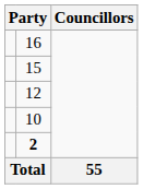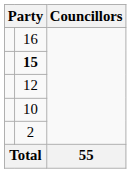 <table class="wikitable">
 <tr>
 <th colspan=2>Party</th>
 <th>Councillors</th>
 </tr>
 <tr>
 <td></td>
 <td align=center>16</td>
 </tr>
 <tr>
 <td></td>
-<td align=center>15</td>
+<td align=center><strong>15</strong></td>
 </tr>
 <tr>
 <td></td>
 <td align=center>12</td>
 </tr>
 <tr>
 <td></td>
 <td align=center>10</td>
 </tr>
 <tr>
 <td></td>
-<td align=center><strong>2</strong></td>
+<td align=center>2</td>
 </tr>
 <tr>
 <th colspan=2>Total</th>
 <th align=center>55</th>
 </tr>
 </table>
